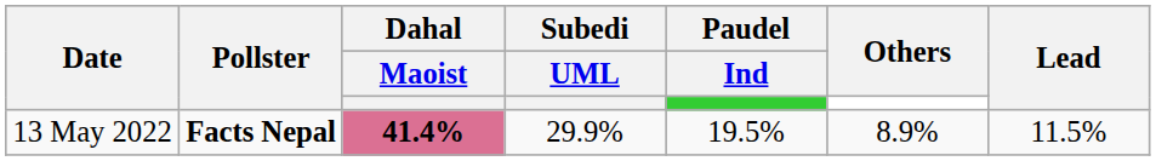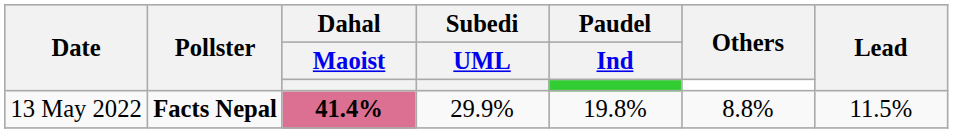 <table class="wikitable sortable" style="text-align:center;font-size:95%;line-height:16px">
 <tr>
 <th rowspan="3">Date</th>
 <th rowspan="3">Pollster</th>
 <th style="width:75px;">Dahal</th>
 <th style="width:75px;">Subedi</th>
 <th style="width:75px;">Paudel</th>
 <th rowspan="2" style="width:75px;">Others</th>
 <th rowspan="3" style="width:75px;">Lead</th>
 </tr>
 <tr>
 <th><a href='#'>Maoist</a></th>
 <th><a href='#'>UML</a></th>
 <th><a href='#'>Ind</a></th>
 </tr>
 <tr>
 <th style="background:"></th>
 <th style="background:"></th>
 <th style="background:limegreen"></th>
 <th style="background:white"></th>
 </tr>
 <tr>
 <td>13 May 2022</td>
 <td><strong>Facts Nepal</strong></td>
 <td style="background:palevioletred;"><strong>41.4%</strong></td>
 <td>29.9%</td>
-<td>19.5%</td>
-<td>8.9%</td>
+<td>19.8%</td>
+<td>8.8%</td>
 <td style="background:">11.5%</td>
 </tr>
 </table>
